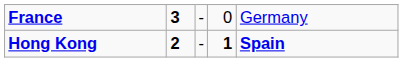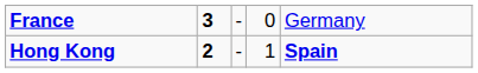 <table class="wikitable">
 <tr>
 <td width=150> <strong><a href='#'>France</a></strong></td>
 <td style="width:20px; text-align:left;"><strong>3</strong></td>
 <td>-</td>
 <td style="width:20px; text-align:right;">0</td>
 <td width=150> <a href='#'>Germany</a></td>
 </tr>
 <tr>
 <td> <strong><a href='#'>Hong Kong</a></strong></td>
 <td style="text-align:left;"><strong>2</strong></td>
 <td>-</td>
-<td style="text-align:right;"><strong>1</strong></td>
+<td style="text-align:right;">1</td>
 <td><strong> <a href='#'>Spain</a></strong></td>
 </tr>
 </table>
